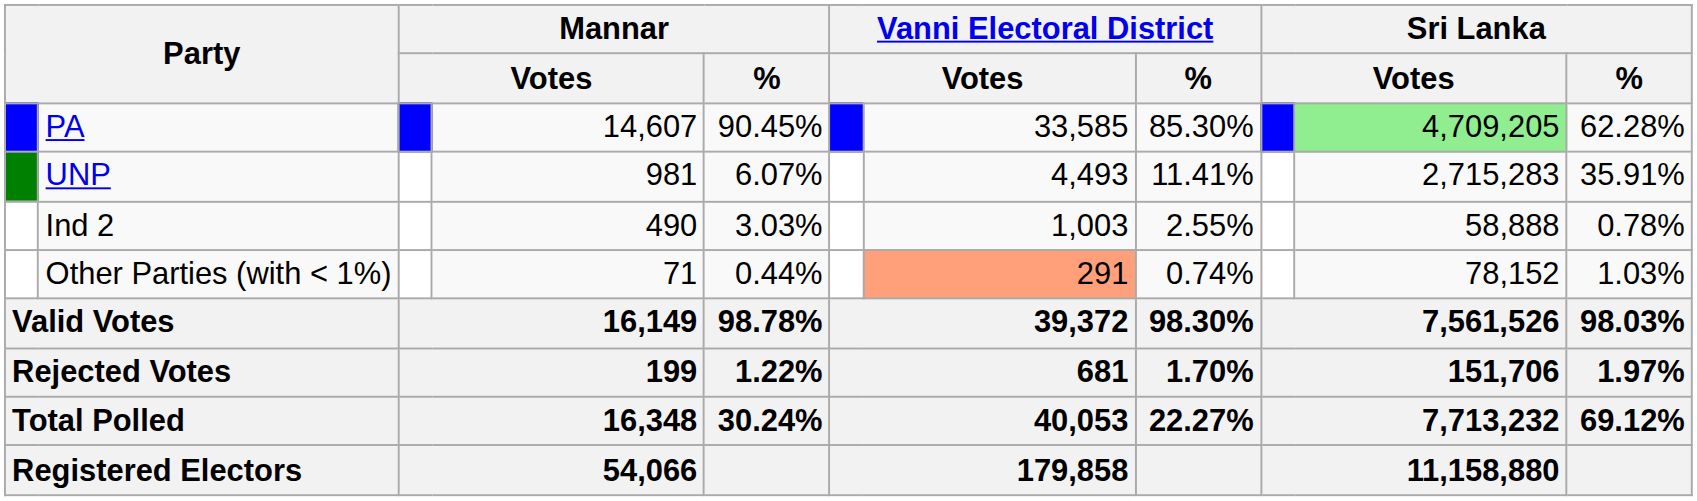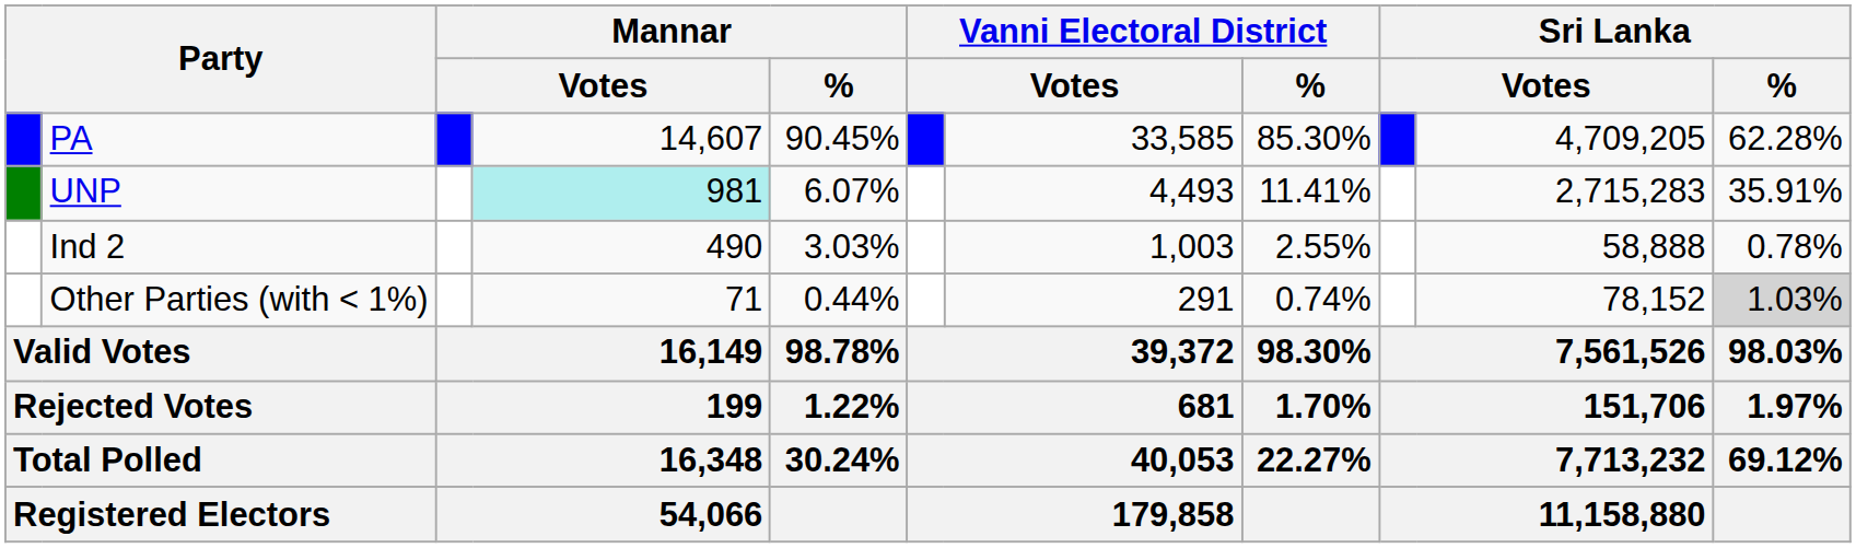 <table class="wikitable">
 <tr>
 <th colspan="2" width="144px"rowspan="2">Party</th>
 <th colspan="3" width="216px">Mannar</th>
 <th colspan="3" width="216px"><a href='#'>Vanni Electoral District</a></th>
 <th colspan="3" width="216px">Sri Lanka</th>
 </tr>
 <tr>
 <th colspan="2" width="144px">Votes</th>
 <th>%</th>
 <th colspan="2" width="144px">Votes</th>
 <th>%</th>
 <th colspan="2" width="144px">Votes</th>
 <th>%</th>
 </tr>
 <tr>
 <td style="background-color:blue;" width="10px"></td>
 <td style="text-align:left;"><a href='#'>PA</a></td>
 <td style="background-color:blue;" width="10px"></td>
 <td style="text-align:right;">14,607</td>
 <td style="text-align:right;">90.45%</td>
 <td style="background-color:blue;" width="10px"></td>
 <td style="text-align:right;">33,585</td>
 <td style="text-align:right;">85.30%</td>
 <td style="background-color:blue;" width="10px"></td>
-<td style="background: lightgreen; text-align:right;">4,709,205</td>
+<td style="text-align:right;">4,709,205</td>
 <td style="text-align:right;">62.28%</td>
 </tr>
 <tr>
 <td style="background-color:green;" width="10px"></td>
 <td style="text-align:left;"><a href='#'>UNP</a></td>
 <td style="background-color:white;" width="10px"></td>
-<td style="text-align:right;">981</td>
+<td style="background: paleturquoise; text-align:right;">981</td>
 <td style="text-align:right;">6.07%</td>
 <td style="background-color:white;" width="10px"></td>
 <td style="text-align:right;">4,493</td>
 <td style="text-align:right;">11.41%</td>
 <td style="background-color:white;" width="10px"></td>
 <td style="text-align:right;">2,715,283</td>
 <td style="text-align:right;">35.91%</td>
 </tr>
 <tr>
 <td style="background-color:white;" width="10px"></td>
 <td style="text-align:left;">Ind 2</td>
 <td style="background-color:white;" width="10px"></td>
 <td style="text-align:right;">490</td>
 <td style="text-align:right;">3.03%</td>
 <td style="background-color:white;" width="10px"></td>
 <td style="text-align:right;">1,003</td>
 <td style="text-align:right;">2.55%</td>
 <td style="background-color:white;" width="10px"></td>
 <td style="text-align:right;">58,888</td>
 <td style="text-align:right;">0.78%</td>
 </tr>
 <tr>
 <td style="background-color:white;" width="10px"></td>
 <td style="text-align:left;">Other Parties (with < 1%)</td>
 <td style="background-color:white;" width="10px"></td>
 <td style="text-align:right;">71</td>
 <td style="text-align:right;">0.44%</td>
 <td style="background-color:white;" width="10px"></td>
-<td style="background: lightsalmon; text-align:right;">291</td>
+<td style="text-align:right;">291</td>
 <td style="text-align:right;">0.74%</td>
 <td style="background-color:white;" width="10px"></td>
 <td style="text-align:right;">78,152</td>
-<td style="text-align:right;">1.03%</td>
+<td style="background: lightgrey; text-align:right;">1.03%</td>
 </tr>
 <tr>
 <th colspan="2" width="144px"style="text-align:left;">Valid Votes</th>
 <th style="text-align:right;"colspan="2" width="144px">16,149</th>
 <th style="text-align:right;">98.78%</th>
 <th style="text-align:right;"colspan="2" width="144px">39,372</th>
 <th style="text-align:right;">98.30%</th>
 <th style="text-align:right;"colspan="2" width="144px">7,561,526</th>
 <th style="text-align:right;">98.03%</th>
 </tr>
 <tr>
 <th colspan="2" width="144px"style="text-align:left;">Rejected Votes</th>
 <th style="text-align:right;"colspan="2" width="144px">199</th>
 <th style="text-align:right;">1.22%</th>
 <th style="text-align:right;"colspan="2" width="144px">681</th>
 <th style="text-align:right;">1.70%</th>
 <th style="text-align:right;"colspan="2" width="144px">151,706</th>
 <th style="text-align:right;">1.97%</th>
 </tr>
 <tr>
 <th colspan="2" width="144px"style="text-align:left;">Total Polled</th>
 <th style="text-align:right;"colspan="2" width="144px">16,348</th>
 <th style="text-align:right;">30.24%</th>
 <th style="text-align:right;"colspan="2" width="144px">40,053</th>
 <th style="text-align:right;">22.27%</th>
 <th style="text-align:right;"colspan="2" width="144px">7,713,232</th>
 <th style="text-align:right;">69.12%</th>
 </tr>
 <tr>
 <th colspan="2" width="144px"style="text-align:left;">Registered Electors</th>
 <th style="text-align:right;"colspan="2" width="144px">54,066</th>
 <th></th>
 <th style="text-align:right;"colspan="2" width="144px">179,858</th>
 <th></th>
 <th style="text-align:right;"colspan="2" width="144px">11,158,880</th>
 <th></th>
 </tr>
 </table>
